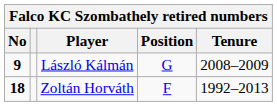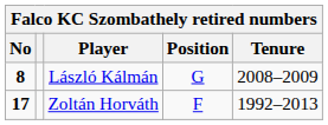 <table class="wikitable" style="font-size:100%; text-align:center;">
 <tr>
 <th colspan=5>Falco KC Szombathely retired numbers</th>
 </tr>
 <tr>
 <th>No</th>
 <th></th>
 <th>Player</th>
 <th>Position</th>
 <th>Tenure</th>
 </tr>
 <tr>
-<td><strong>9</strong></td>
+<td><strong>8</strong></td>
 <td></td>
 <td><a href='#'>László Kálmán</a></td>
 <td><a href='#'>G</a></td>
 <td>2008–2009</td>
 </tr>
 <tr>
-<td><strong>18</strong></td>
+<td><strong>17</strong></td>
 <td></td>
 <td><a href='#'>Zoltán Horváth</a></td>
 <td><a href='#'>F</a></td>
 <td>1992–2013</td>
 </tr>
 </table>
